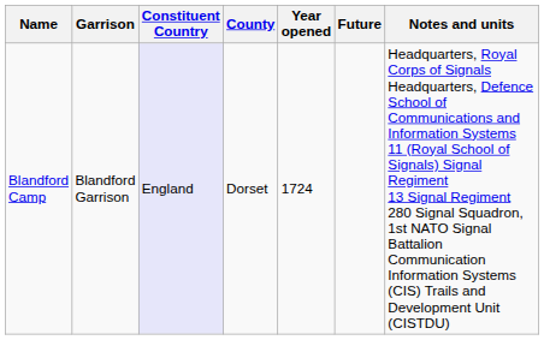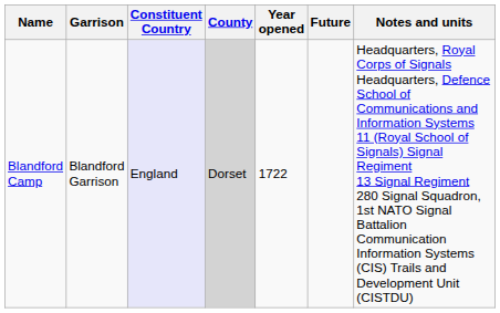 <table class="wikitable sortable" border="1">
 <tr>
 <th style="width=14%">Name</th>
 <th style="width=10%">Garrison</th>
 <th style="width=10%"><a href='#'>Constituent<br>Country</a></th>
 <th style="width=10%"><a href='#'>County</a></th>
 <th style="width=4%">Year<br>opened</th>
 <th>Future</th>
 <th style="class=unsortable" width="52%">Notes and units</th>
 </tr>
 <tr>
 <td><a href='#'>Blandford Camp</a></td>
 <td>Blandford Garrison</td>
 <td style="background: lavender;">England</td>
-<td>Dorset</td>
-<td>1724</td>
+<td style="background: lightgrey;">Dorset</td>
+<td>1722</td>
 <td></td>
 <td>Headquarters, <a href='#'>Royal Corps of Signals</a><br>Headquarters, <a href='#'>Defence School of Communications and Information Systems</a><br><a href='#'>11 (Royal School of Signals) Signal Regiment</a><br><a href='#'>13 Signal Regiment</a> 280 Signal Squadron, 1st NATO Signal Battalion<br>Communication Information Systems (CIS) Trails and Development Unit (CISTDU)</td>
 </tr>
 </table>
